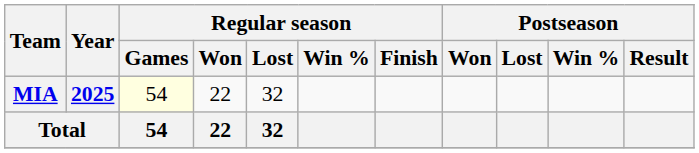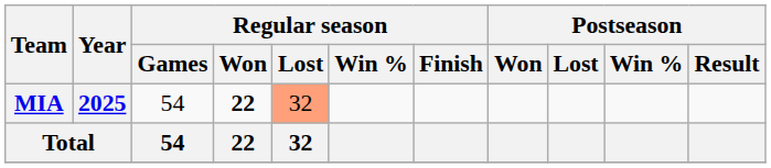 <table class="wikitable" style="font-size: 95%; text-align:center;">
 <tr>
 <th rowspan="2">Team</th>
 <th rowspan="2">Year</th>
 <th colspan="5">Regular season</th>
 <th colspan="4">Postseason</th>
 </tr>
 <tr>
 <th>Games</th>
 <th>Won</th>
 <th>Lost</th>
 <th>Win %</th>
 <th>Finish</th>
 <th>Won</th>
 <th>Lost</th>
 <th>Win %</th>
 <th>Result</th>
 </tr>
 <tr>
 <th><a href='#'>MIA</a></th>
 <th><a href='#'>2025</a></th>
-<td style="background: lightyellow;">54</td>
-<td>22</td>
-<td>32</td>
+<td>54</td>
+<td><strong>22</strong></td>
+<td style="background: lightsalmon;">32</td>
 <td></td>
 <td></td>
 <td></td>
 <td></td>
 <td></td>
 <td></td>
 </tr>
 <tr>
 <th colspan="2">Total</th>
 <th>54</th>
 <th>22</th>
 <th>32</th>
 <th></th>
 <th></th>
 <th></th>
 <th></th>
 <th></th>
 <th></th>
 </tr>
 <tr>
 </tr>
 </table>
